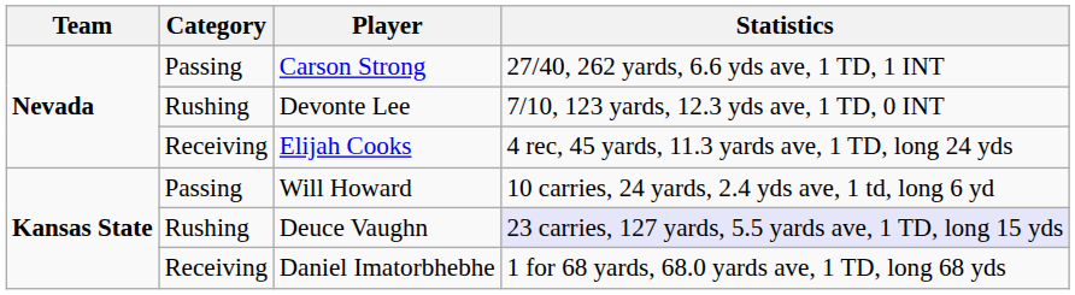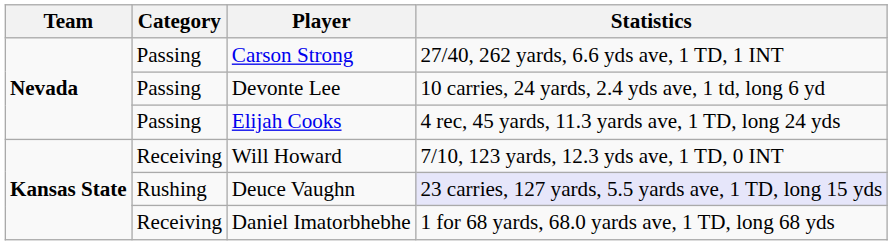 <table class="wikitable" style="float: right;">
 <tr>
 <th>Team</th>
 <th>Category</th>
 <th>Player</th>
 <th>Statistics</th>
 </tr>
 <tr>
 <td rowspan=3><strong>Nevada</strong></td>
 <td>Passing</td>
 <td><a href='#'>Carson Strong</a></td>
 <td>27/40, 262 yards, 6.6 yds ave, 1 TD, 1 INT</td>
 </tr>
 <tr>
-<td>Rushing</td>
+<td>Passing</td>
 <td>Devonte Lee</td>
-<td>7/10, 123 yards,	12.3 yds ave, 1 TD, 0 INT</td>
+<td>10 carries, 24 yards,  2.4 yds ave, 1 td, long 6 yd</td>
 </tr>
 <tr>
-<td>Receiving</td>
+<td>Passing</td>
 <td><a href='#'>Elijah Cooks</a></td>
 <td>4 rec, 45 yards, 11.3 yards ave, 1 TD, long 24 yds</td>
 </tr>
 <tr>
 <td rowspan=3><strong>Kansas State</strong></td>
-<td>Passing</td>
+<td>Receiving</td>
 <td>Will Howard</td>
-<td>10 carries, 24 yards,  2.4 yds ave, 1 td, long 6 yd</td>
+<td>7/10, 123 yards,	12.3 yds ave, 1 TD, 0 INT</td>
 </tr>
 <tr>
 <td>Rushing</td>
 <td>Deuce Vaughn</td>
 <td style="background: lavender;">23 carries, 127 yards, 5.5 yards ave, 1 TD, long 15 yds</td>
 </tr>
 <tr>
 <td>Receiving</td>
 <td>Daniel Imatorbhebhe</td>
 <td>1 for 68 yards, 68.0 yards ave, 1 TD, long 68 yds</td>
 </tr>
 </table>
